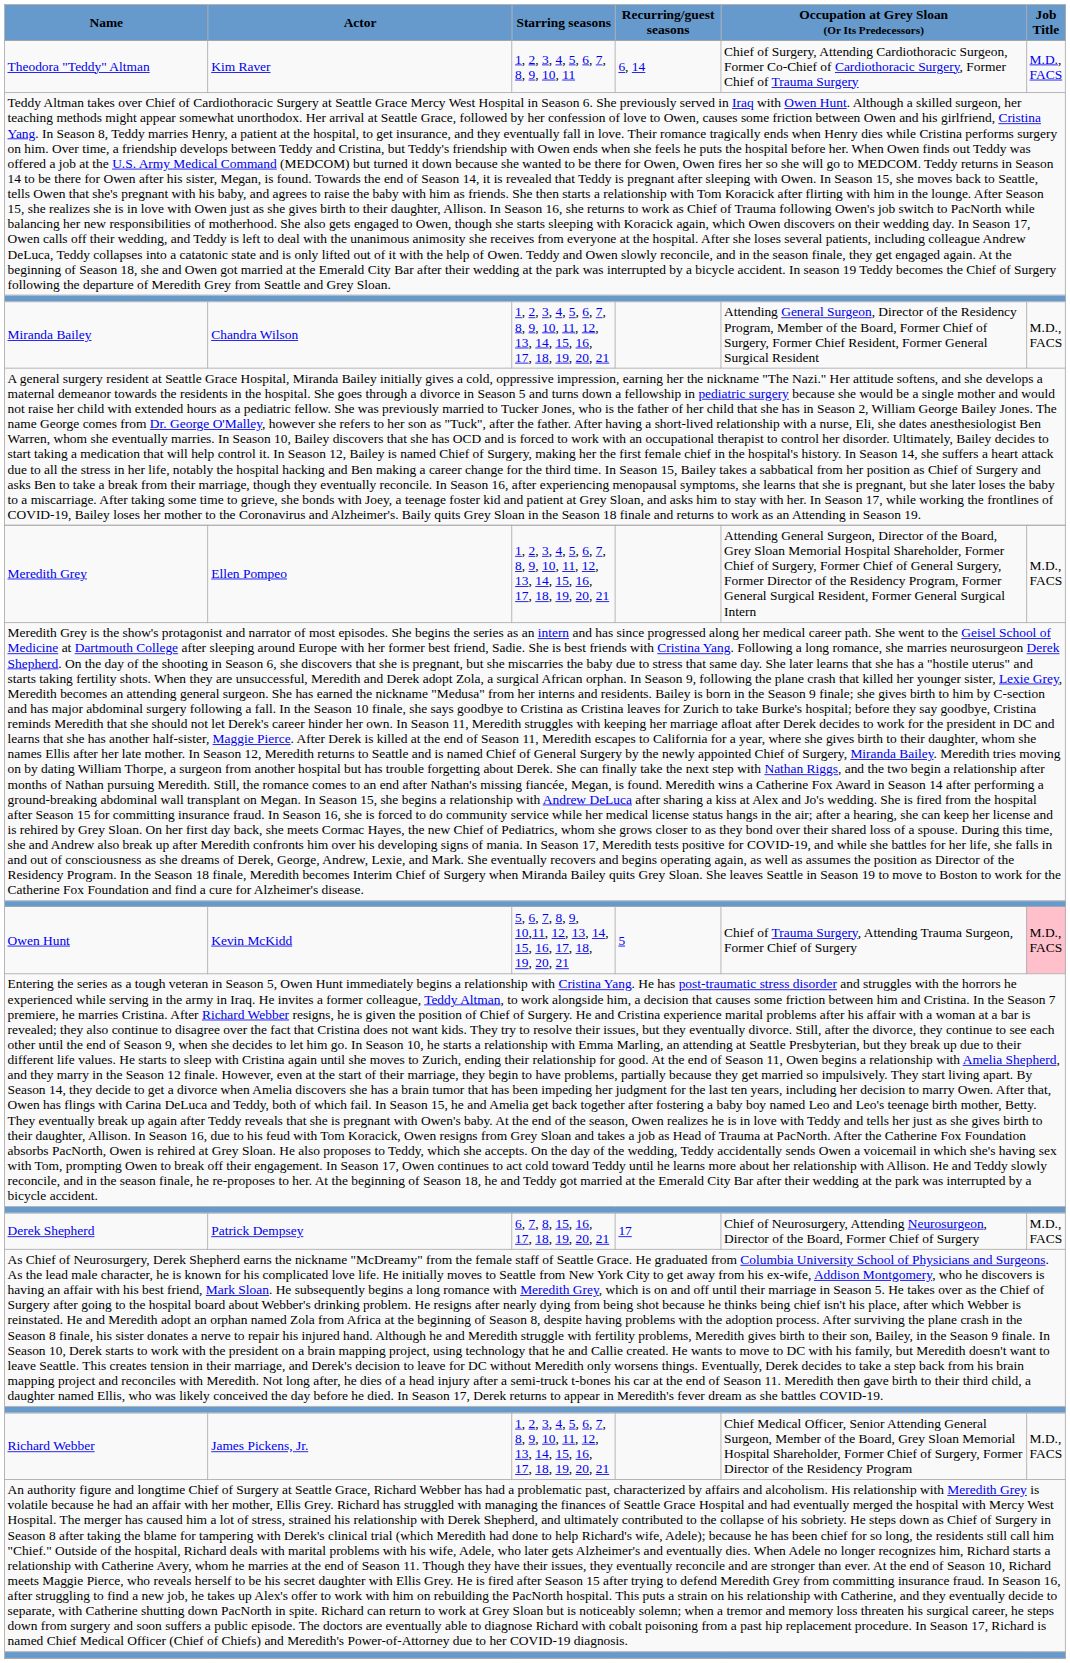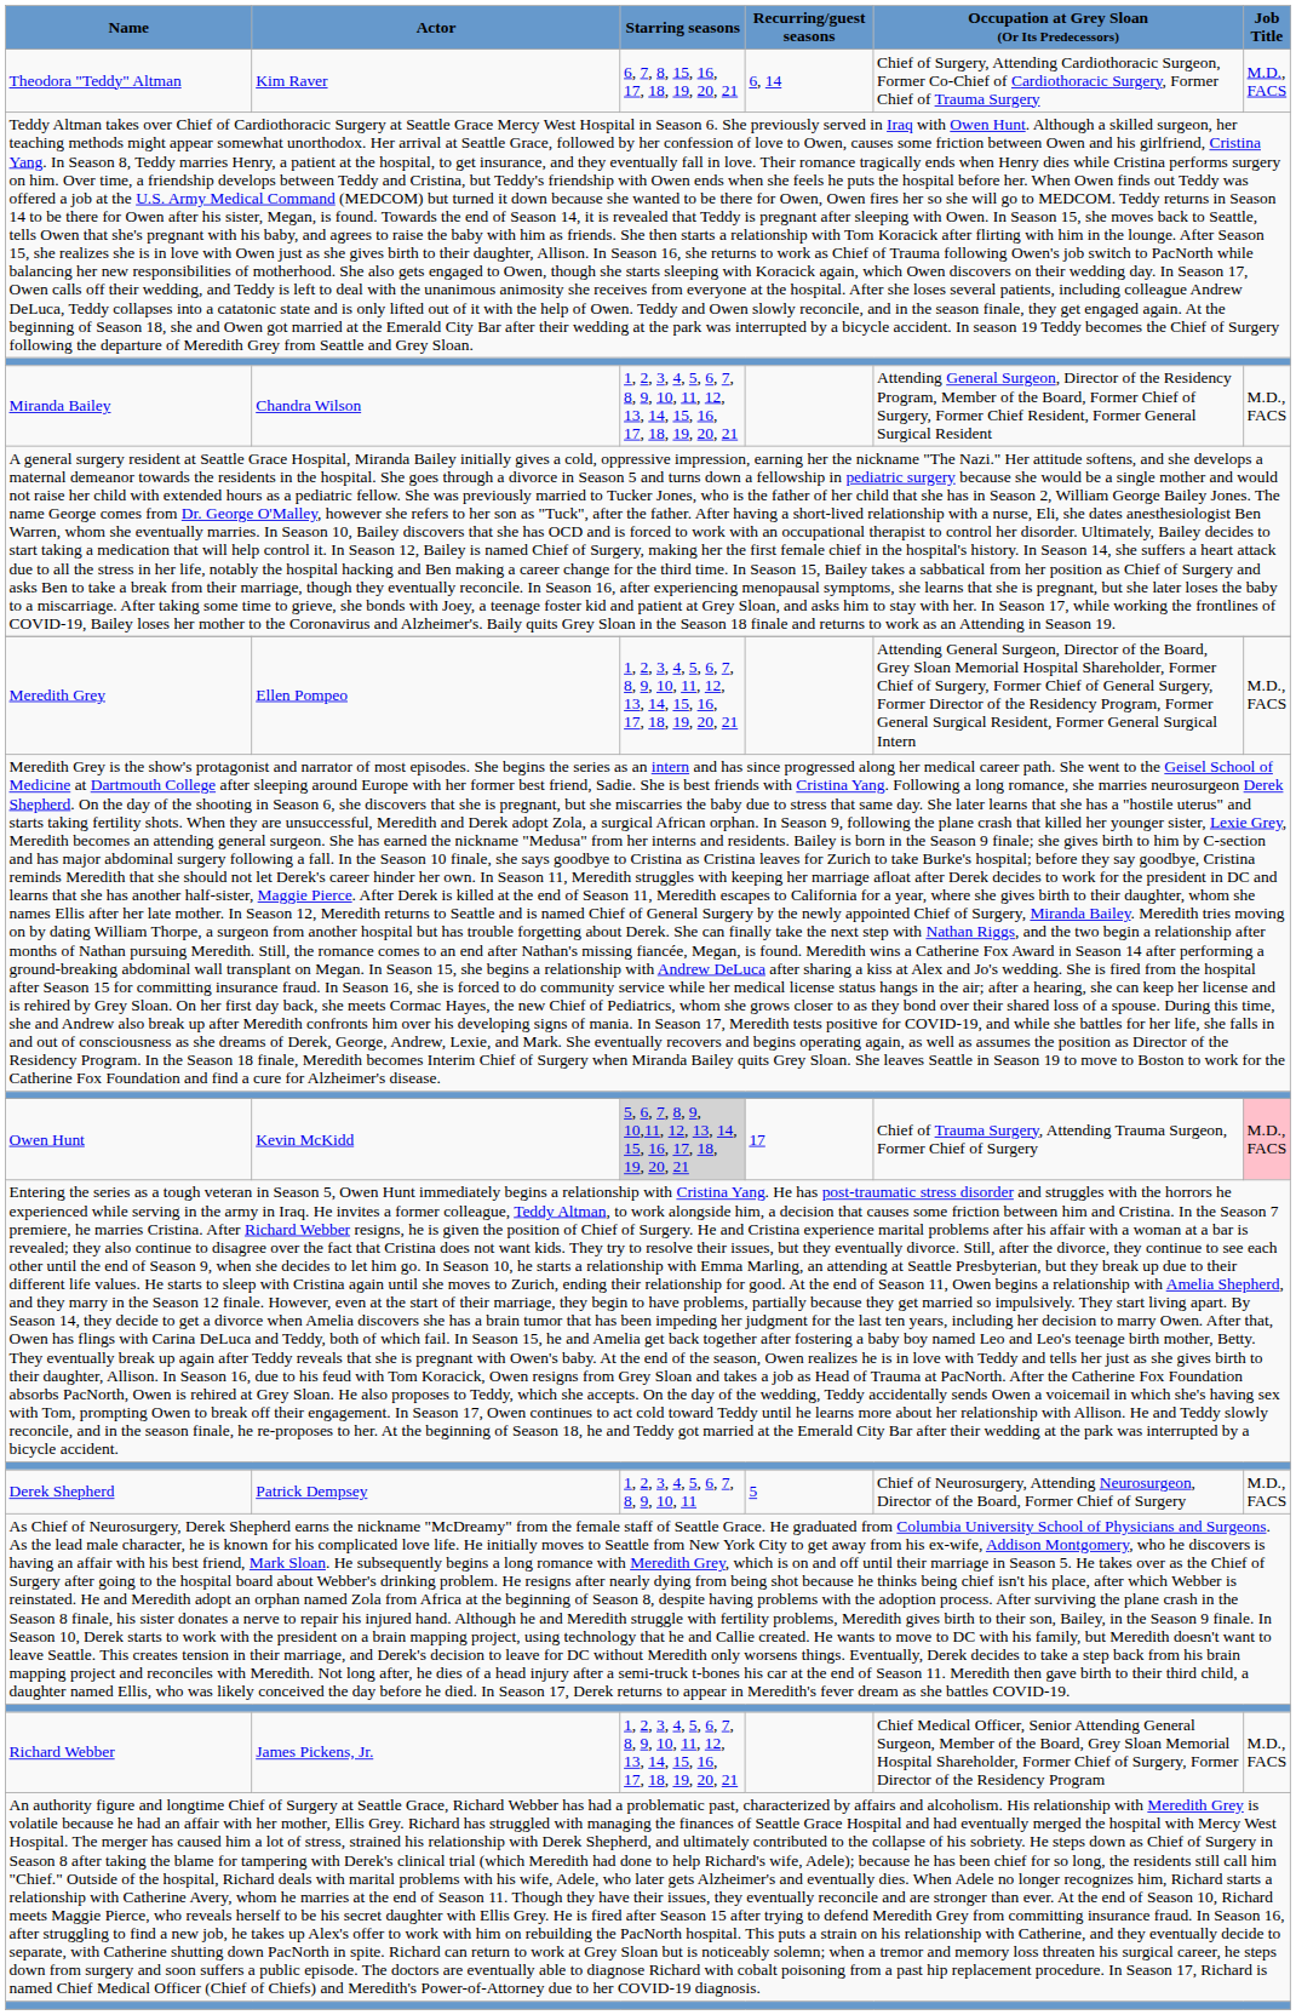 <table class="wikitable" style="width:100%; margin-right:auto;">
 <tr>
 <th style="background-color:#6699CC; width:20%">Name</th>
 <th style="background-color:#6699CC; width:30%">Actor</th>
 <th style="background-color:#6699CC; width:10%">Starring seasons</th>
 <th style="background-color:#6699CC; width:10%">Recurring/guest seasons</th>
 <th style="background-color:#6699CC; width:30%">Occupation at Grey Sloan<br><small>(Or Its Predecessors)</small></th>
 <th style="background-color:#6699CC; width:30%">Job Title</th>
 </tr>
 <tr>
 <td><a href='#'>Theodora "Teddy" Altman</a></td>
 <td><a href='#'>Kim Raver</a></td>
-<td><a href='#'>1</a>, <a href='#'>2</a>, <a href='#'>3</a>, <a href='#'>4</a>, <a href='#'>5</a>, <a href='#'>6</a>, <a href='#'>7</a>, <a href='#'>8</a>, <a href='#'>9</a>, <a href='#'>10</a>, <a href='#'>11</a></td>
+<td><a href='#'>6</a>, <a href='#'>7</a>, <a href='#'>8</a>, <a href='#'>15</a>, <a href='#'>16</a>, <a href='#'>17</a>, <a href='#'>18</a>, <a href='#'>19</a>, <a href='#'>20</a>, <a href='#'>21</a></td>
 <td><a href='#'>6</a>, <a href='#'>14</a></td>
 <td>Chief of Surgery, Attending Cardiothoracic Surgeon, Former Co-Chief of <a href='#'>Cardiothoracic Surgery</a>, Former Chief of <a href='#'>Trauma Surgery</a></td>
 <td><a href='#'>M.D.</a>, <a href='#'>FACS</a></td>
 </tr>
 <tr>
 <td colspan="7">Teddy Altman takes over Chief of Cardiothoracic Surgery at Seattle Grace Mercy West Hospital in Season 6. She previously served in <a href='#'>Iraq</a> with <a href='#'>Owen Hunt</a>. Although a skilled surgeon, her teaching methods might appear somewhat unorthodox. Her arrival at Seattle Grace, followed by her confession of love to Owen, causes some friction between Owen and his girlfriend, <a href='#'>Cristina Yang</a>. In Season 8, Teddy marries Henry, a patient at the hospital, to get insurance, and they eventually fall in love. Their romance tragically ends when Henry dies while Cristina performs surgery on him. Over time, a friendship develops between Teddy and Cristina, but Teddy's friendship with Owen ends when she feels he puts the hospital before her. When Owen finds out Teddy was offered a job at the <a href='#'>U.S. Army Medical Command</a> (MEDCOM) but turned it down because she wanted to be there for Owen, Owen fires her so she will go to MEDCOM. Teddy returns in Season 14 to be there for Owen after his sister, Megan, is found. Towards the end of Season 14, it is revealed that Teddy is pregnant after sleeping with Owen. In Season 15, she moves back to Seattle, tells Owen that she's pregnant with his baby, and agrees to raise the baby with him as friends. She then starts a relationship with Tom Koracick after flirting with him in the lounge. After Season 15, she realizes she is in love with Owen just as she gives birth to their daughter, Allison. In Season 16, she returns to work as Chief of Trauma following Owen's job switch to PacNorth while balancing her new responsibilities of motherhood. She also gets engaged to Owen, though she starts sleeping with Koracick again, which Owen discovers on their wedding day. In Season 17, Owen calls off their wedding, and Teddy is left to deal with the unanimous animosity she receives from everyone at the hospital. After she loses several patients, including colleague Andrew DeLuca, Teddy collapses into a catatonic state and is only lifted out of it with the help of Owen. Teddy and Owen slowly reconcile, and in the season finale, they get engaged again. At the beginning of Season 18, she and Owen got married at the Emerald City Bar after their wedding at the park was interrupted by a bicycle accident. In season 19 Teddy becomes the Chief of Surgery following the departure of Meredith Grey from Seattle and Grey Sloan.</td>
 </tr>
 <tr>
 <td colspan="7" bgcolor="#6699CC"></td>
 </tr>
 <tr>
 <td><a href='#'>Miranda Bailey</a></td>
 <td><a href='#'>Chandra Wilson</a></td>
 <td><a href='#'>1</a>, <a href='#'>2</a>, <a href='#'>3</a>, <a href='#'>4</a>, <a href='#'>5</a>, <a href='#'>6</a>, <a href='#'>7</a>, <a href='#'>8</a>, <a href='#'>9</a>, <a href='#'>10</a>, <a href='#'>11</a>, <a href='#'>12</a>, <a href='#'>13</a>, <a href='#'>14</a>, <a href='#'>15</a>, <a href='#'>16</a>, <a href='#'>17</a>, <a href='#'>18</a>, <a href='#'>19</a>, <a href='#'>20</a>, <a href='#'>21</a></td>
 <td></td>
 <td>Attending <a href='#'>General Surgeon</a>, Director of the Residency Program, Member of the Board, Former Chief of Surgery, Former Chief Resident, Former General Surgical Resident</td>
 <td>M.D., FACS</td>
 </tr>
 <tr>
 <td colspan="7">A general surgery resident at Seattle Grace Hospital, Miranda Bailey initially gives a cold, oppressive impression, earning her the nickname "The Nazi." Her attitude softens, and she develops a maternal demeanor towards the residents in the hospital. She goes through a divorce in Season 5 and turns down a fellowship in <a href='#'>pediatric surgery</a> because she would be a single mother and would not raise her child with extended hours as a pediatric fellow. She was previously married to Tucker Jones, who is the father of her child that she has in Season 2, William George Bailey Jones. The name George comes from <a href='#'>Dr. George O'Malley</a>, however she refers to her son as "Tuck", after the father. After having a short-lived relationship with a nurse, Eli, she dates anesthesiologist Ben Warren, whom she eventually marries. In Season 10, Bailey discovers that she has OCD and is forced to work with an occupational therapist to control her disorder. Ultimately, Bailey decides to start taking a medication that will help control it. In Season 12, Bailey is named Chief of Surgery, making her the first female chief in the hospital's history. In Season 14, she suffers a heart attack due to all the stress in her life, notably the hospital hacking and Ben making a career change for the third time. In Season 15, Bailey takes a sabbatical from her position as Chief of Surgery and asks Ben to take a break from their marriage, though they eventually reconcile. In Season 16, after experiencing menopausal symptoms, she learns that she is pregnant, but she later loses the baby to a miscarriage. After taking some time to grieve, she bonds with Joey, a teenage foster kid and patient at Grey Sloan, and asks him to stay with her. In Season 17, while working the frontlines of COVID-19, Bailey loses her mother to the Coronavirus and Alzheimer's. Baily quits Grey Sloan in the Season 18 finale and returns to work as an Attending in Season 19.</td>
 </tr>
 <tr>
 </tr>
 <tr |colspan="7" bgcolor="#6699CC"|>
 </tr>
 <tr>
 <td><a href='#'>Meredith Grey</a></td>
 <td><a href='#'>Ellen Pompeo</a></td>
 <td><a href='#'>1</a>, <a href='#'>2</a>, <a href='#'>3</a>, <a href='#'>4</a>, <a href='#'>5</a>, <a href='#'>6</a>, <a href='#'>7</a>, <a href='#'>8</a>, <a href='#'>9</a>, <a href='#'>10</a>, <a href='#'>11</a>, <a href='#'>12</a>, <a href='#'>13</a>, <a href='#'>14</a>, <a href='#'>15</a>, <a href='#'>16</a>, <a href='#'>17</a>, <a href='#'>18</a>, <a href='#'>19</a>, <a href='#'>20</a>, <a href='#'>21</a></td>
 <td></td>
 <td>Attending General Surgeon, Director of the Board, Grey Sloan Memorial Hospital Shareholder, Former Chief of Surgery, Former Chief of General Surgery, Former Director of the Residency Program, Former General Surgical Resident, Former General Surgical Intern</td>
 <td>M.D., FACS</td>
 </tr>
 <tr>
 <td colspan="7">Meredith Grey is the show's protagonist and narrator of most episodes. She begins the series as an <a href='#'>intern</a> and has since progressed along her medical career path. She went to the <a href='#'>Geisel School of Medicine</a> at <a href='#'>Dartmouth College</a> after sleeping around Europe with her former best friend, Sadie. She is best friends with <a href='#'>Cristina Yang</a>. Following a long romance, she marries neurosurgeon <a href='#'>Derek Shepherd</a>. On the day of the shooting in Season 6, she discovers that she is pregnant, but she miscarries the baby due to stress that same day. She later learns that she has a "hostile uterus" and starts taking fertility shots. When they are unsuccessful, Meredith and Derek adopt Zola, a surgical African orphan. In Season 9, following the plane crash that killed her younger sister, <a href='#'>Lexie Grey</a>, Meredith becomes an attending general surgeon. She has earned the nickname "Medusa" from her interns and residents. Bailey is born in the Season 9 finale; she gives birth to him by C-section and has major abdominal surgery following a fall. In the Season 10 finale, she says goodbye to Cristina as Cristina leaves for Zurich to take Burke's hospital; before they say goodbye, Cristina reminds Meredith that she should not let Derek's career hinder her own. In Season 11, Meredith struggles with keeping her marriage afloat after Derek decides to work for the president in DC and learns that she has another half-sister, <a href='#'>Maggie Pierce</a>. After Derek is killed at the end of Season 11, Meredith escapes to California for a year, where she gives birth to their daughter, whom she names Ellis after her late mother. In Season 12, Meredith returns to Seattle and is named Chief of General Surgery by the newly appointed Chief of Surgery, <a href='#'>Miranda Bailey</a>. Meredith tries moving on by dating William Thorpe, a surgeon from another hospital but has trouble forgetting about Derek. She can finally take the next step with <a href='#'>Nathan Riggs</a>, and the two begin a relationship after months of Nathan pursuing Meredith. Still, the romance comes to an end after Nathan's missing fiancée, Megan, is found. Meredith wins a Catherine Fox Award in Season 14 after performing a ground-breaking abdominal wall transplant on Megan. In Season 15, she begins a relationship with <a href='#'>Andrew DeLuca</a> after sharing a kiss at Alex and Jo's wedding. She is fired from the hospital after Season 15 for committing insurance fraud. In Season 16, she is forced to do community service while her medical license status hangs in the air; after a hearing, she can keep her license and is rehired by Grey Sloan. On her first day back, she meets Cormac Hayes, the new Chief of Pediatrics, whom she grows closer to as they bond over their shared loss of a spouse. During this time, she and Andrew also break up after Meredith confronts him over his developing signs of mania. In Season 17, Meredith tests positive for COVID-19, and while she battles for her life, she falls in and out of consciousness as she dreams of Derek, George, Andrew, Lexie, and Mark. She eventually recovers and begins operating again, as well as assumes the position as Director of the Residency Program. In the Season 18 finale, Meredith becomes Interim Chief of Surgery when Miranda Bailey quits Grey Sloan. She leaves Seattle in Season 19 to move to Boston to work for the Catherine Fox Foundation and find a cure for Alzheimer's disease.</td>
 </tr>
 <tr>
 <td colspan="7" bgcolor="#6699CC"></td>
 </tr>
 <tr>
 <td><a href='#'>Owen Hunt</a></td>
 <td><a href='#'>Kevin McKidd</a></td>
-<td><a href='#'>5</a>, <a href='#'>6</a>, <a href='#'>7</a>, <a href='#'>8</a>, <a href='#'>9</a>, <a href='#'>10</a>,<a href='#'>11</a>, <a href='#'>12</a>, <a href='#'>13</a>, <a href='#'>14</a>, <a href='#'>15</a>, <a href='#'>16</a>, <a href='#'>17</a>, <a href='#'>18</a>, <a href='#'>19</a>, <a href='#'>20</a>, <a href='#'>21</a></td>
-<td><a href='#'>5</a></td>
+<td style="background: lightgrey;"><a href='#'>5</a>, <a href='#'>6</a>, <a href='#'>7</a>, <a href='#'>8</a>, <a href='#'>9</a>, <a href='#'>10</a>,<a href='#'>11</a>, <a href='#'>12</a>, <a href='#'>13</a>, <a href='#'>14</a>, <a href='#'>15</a>, <a href='#'>16</a>, <a href='#'>17</a>, <a href='#'>18</a>, <a href='#'>19</a>, <a href='#'>20</a>, <a href='#'>21</a></td>
+<td><a href='#'>17</a></td>
 <td>Chief of <a href='#'>Trauma Surgery</a>, Attending Trauma Surgeon, Former Chief of Surgery</td>
 <td style="background: pink;">M.D., FACS</td>
 </tr>
 <tr>
 <td colspan="7">Entering the series as a tough veteran in Season 5, Owen Hunt immediately begins a relationship with <a href='#'>Cristina Yang</a>. He has <a href='#'>post-traumatic stress disorder</a> and struggles with the horrors he experienced while serving in the army in Iraq. He invites a former colleague, <a href='#'>Teddy Altman</a>, to work alongside him, a decision that causes some friction between him and Cristina. In the Season 7 premiere, he marries Cristina. After <a href='#'>Richard Webber</a> resigns, he is given the position of Chief of Surgery. He and Cristina experience marital problems after his affair with a woman at a bar is revealed; they also continue to disagree over the fact that Cristina does not want kids. They try to resolve their issues, but they eventually divorce. Still, after the divorce, they continue to see each other until the end of Season 9, when she decides to let him go. In Season 10, he starts a relationship with Emma Marling, an attending at Seattle Presbyterian, but they break up due to their different life values. He starts to sleep with Cristina again until she moves to Zurich, ending their relationship for good. At the end of Season 11, Owen begins a relationship with <a href='#'>Amelia Shepherd</a>, and they marry in the Season 12 finale. However, even at the start of their marriage, they begin to have problems, partially because they get married so impulsively. They start living apart. By Season 14, they decide to get a divorce when Amelia discovers she has a brain tumor that has been impeding her judgment for the last ten years, including her decision to marry Owen. After that, Owen has flings with Carina DeLuca and Teddy, both of which fail. In Season 15, he and Amelia get back together after fostering a baby boy named Leo and Leo's teenage birth mother, Betty. They eventually break up again after Teddy reveals that she is pregnant with Owen's baby. At the end of the season, Owen realizes he is in love with Teddy and tells her just as she gives birth to their daughter, Allison. In Season 16, due to his feud with Tom Koracick, Owen resigns from Grey Sloan and takes a job as Head of Trauma at PacNorth. After the Catherine Fox Foundation absorbs PacNorth, Owen is rehired at Grey Sloan. He also proposes to Teddy, which she accepts. On the day of the wedding, Teddy accidentally sends Owen a voicemail in which she's having sex with Tom, prompting Owen to break off their engagement. In Season 17, Owen continues to act cold toward Teddy until he learns more about her relationship with Allison. He and Teddy slowly reconcile, and in the season finale, he re-proposes to her. At the beginning of Season 18, he and Teddy got married at the Emerald City Bar after their wedding at the park was interrupted by a bicycle accident.</td>
 </tr>
 <tr>
 <td colspan="7" bgcolor="#6699CC"></td>
 </tr>
 <tr>
 <td><a href='#'>Derek Shepherd</a></td>
 <td><a href='#'>Patrick Dempsey</a></td>
-<td><a href='#'>6</a>, <a href='#'>7</a>, <a href='#'>8</a>, <a href='#'>15</a>, <a href='#'>16</a>, <a href='#'>17</a>, <a href='#'>18</a>, <a href='#'>19</a>, <a href='#'>20</a>, <a href='#'>21</a></td>
-<td><a href='#'>17</a></td>
+<td><a href='#'>1</a>, <a href='#'>2</a>, <a href='#'>3</a>, <a href='#'>4</a>, <a href='#'>5</a>, <a href='#'>6</a>, <a href='#'>7</a>, <a href='#'>8</a>, <a href='#'>9</a>, <a href='#'>10</a>, <a href='#'>11</a></td>
+<td><a href='#'>5</a></td>
 <td>Chief of Neurosurgery, Attending <a href='#'>Neurosurgeon</a>, Director of the Board, Former Chief of Surgery</td>
 <td>M.D., FACS</td>
 </tr>
 <tr>
 <td colspan="7">As Chief of Neurosurgery, Derek Shepherd earns the nickname "McDreamy" from the female staff of Seattle Grace. He graduated from <a href='#'>Columbia University School of Physicians and Surgeons</a>. As the lead male character, he is known for his complicated love life. He initially moves to Seattle from New York City to get away from his ex-wife, <a href='#'>Addison Montgomery</a>, who he discovers is having an affair with his best friend, <a href='#'>Mark Sloan</a>. He subsequently begins a long romance with <a href='#'>Meredith Grey</a>, which is on and off until their marriage in Season 5. He takes over as the Chief of Surgery after going to the hospital board about Webber's drinking problem. He resigns after nearly dying from being shot because he thinks being chief isn't his place, after which Webber is reinstated. He and Meredith adopt an orphan named Zola from Africa at the beginning of Season 8, despite having problems with the adoption process. After surviving the plane crash in the Season 8 finale, his sister donates a nerve to repair his injured hand. Although he and Meredith struggle with fertility problems, Meredith gives birth to their son, Bailey, in the Season 9 finale. In Season 10, Derek starts to work with the president on a brain mapping project, using technology that he and Callie created. He wants to move to DC with his family, but Meredith doesn't want to leave Seattle. This creates tension in their marriage, and Derek's decision to leave for DC without Meredith only worsens things. Eventually, Derek decides to take a step back from his brain mapping project and reconciles with Meredith. Not long after, he dies of a head injury after a semi-truck t-bones his car at the end of Season 11. Meredith then gave birth to their third child, a daughter named Ellis, who was likely conceived the day before he died. In Season 17, Derek returns to appear in Meredith's fever dream as she battles COVID-19.</td>
 </tr>
 <tr>
 <td colspan="7" bgcolor="#6699CC"></td>
 </tr>
 <tr>
 <td><a href='#'>Richard Webber</a></td>
 <td><a href='#'>James Pickens, Jr.</a></td>
 <td><a href='#'>1</a>, <a href='#'>2</a>, <a href='#'>3</a>, <a href='#'>4</a>, <a href='#'>5</a>, <a href='#'>6</a>, <a href='#'>7</a>, <a href='#'>8</a>, <a href='#'>9</a>, <a href='#'>10</a>, <a href='#'>11</a>, <a href='#'>12</a>, <a href='#'>13</a>, <a href='#'>14</a>, <a href='#'>15</a>, <a href='#'>16</a>, <a href='#'>17</a>, <a href='#'>18</a>, <a href='#'>19</a>, <a href='#'>20</a>, <a href='#'>21</a></td>
 <td></td>
 <td>Chief Medical Officer, Senior Attending General Surgeon, Member of the Board, Grey Sloan Memorial Hospital Shareholder, Former Chief of Surgery, Former Director of the Residency Program</td>
 <td>M.D., FACS</td>
 </tr>
 <tr>
 <td colspan="7">An authority figure and longtime Chief of Surgery at Seattle Grace, Richard Webber has had a problematic past, characterized by affairs and alcoholism. His relationship with <a href='#'>Meredith Grey</a> is volatile because he had an affair with her mother, Ellis Grey. Richard has struggled with managing the finances of Seattle Grace Hospital and had eventually merged the hospital with Mercy West Hospital. The merger has caused him a lot of stress, strained his relationship with Derek Shepherd, and ultimately contributed to the collapse of his sobriety. He steps down as Chief of Surgery in Season 8 after taking the blame for tampering with Derek's clinical trial (which Meredith had done to help Richard's wife, Adele); because he has been chief for so long, the residents still call him "Chief." Outside of the hospital, Richard deals with marital problems with his wife, Adele, who later gets Alzheimer's and eventually dies. When Adele no longer recognizes him, Richard starts a relationship with Catherine Avery, whom he marries at the end of Season 11. Though they have their issues, they eventually reconcile and are stronger than ever. At the end of Season 10, Richard meets Maggie Pierce, who reveals herself to be his secret daughter with Ellis Grey. He is fired after Season 15 after trying to defend Meredith Grey from committing insurance fraud. In Season 16, after struggling to find a new job, he takes up Alex's offer to work with him on rebuilding the PacNorth hospital. This puts a strain on his relationship with Catherine, and they eventually decide to separate, with Catherine shutting down PacNorth in spite. Richard can return to work at Grey Sloan but is noticeably solemn; when a tremor and memory loss threaten his surgical career, he steps down from surgery and soon suffers a public episode. The doctors are eventually able to diagnose Richard with cobalt poisoning from a past hip replacement procedure. In Season 17, Richard is named Chief Medical Officer (Chief of Chiefs) and Meredith's Power-of-Attorney due to her COVID-19 diagnosis.</td>
 </tr>
 <tr>
 <td colspan="7" bgcolor="#6699CC"></td>
 </tr>
 <tr>
 </tr>
 </table>
